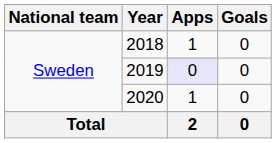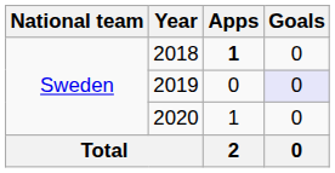 <table class="wikitable" style="text-align:center">
 <tr>
 <th>National team</th>
 <th>Year</th>
 <th>Apps</th>
 <th>Goals</th>
 </tr>
 <tr>
 <td rowspan="3"><a href='#'>Sweden</a></td>
 <td>2018</td>
-<td>1</td>
+<td><strong>1</strong></td>
 <td>0</td>
 </tr>
 <tr>
 <td>2019</td>
+<td>0</td>
 <td style="background: lavender;">0</td>
-<td>0</td>
 </tr>
 <tr>
 <td>2020</td>
 <td>1</td>
 <td>0</td>
 </tr>
 <tr>
 <th colspan="2">Total</th>
 <th>2</th>
 <th>0</th>
 </tr>
 </table>
